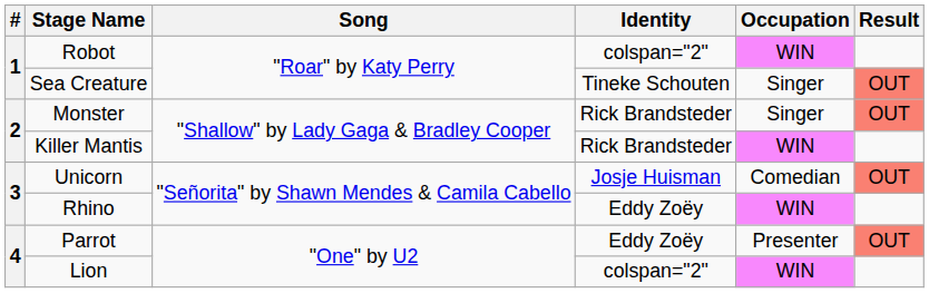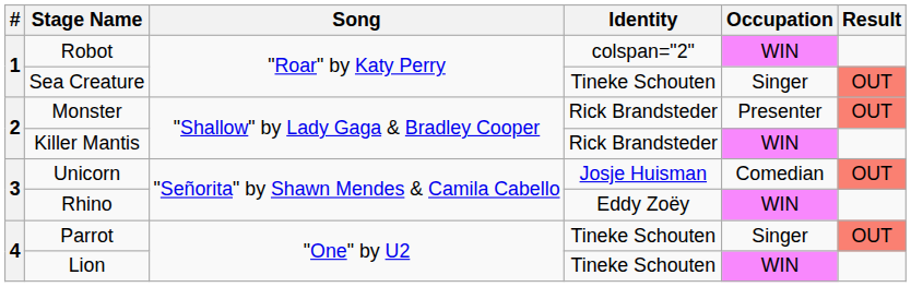 <table class="wikitable plainrowheaders" style="text-align: center;">
 <tr>
 <th>#</th>
 <th>Stage Name</th>
 <th>Song</th>
 <th>Identity</th>
 <th>Occupation</th>
 <th>Result</th>
 </tr>
 <tr>
 <th rowspan="2">1</th>
 <td>Robot</td>
 <td rowspan="2">"<a href='#'>Roar</a>" by <a href='#'>Katy Perry</a></td>
 <td>colspan="2" </td>
 <td bgcolor="F888FD">WIN</td>
 </tr>
 <tr>
 <td>Sea Creature</td>
 <td>Tineke Schouten</td>
 <td>Singer</td>
 <td bgcolor="salmon">OUT</td>
 </tr>
 <tr>
 <th rowspan="2">2</th>
 <td>Monster</td>
 <td rowspan="2">"<a href='#'>Shallow</a>" by <a href='#'>Lady Gaga</a> & <a href='#'>Bradley Cooper</a></td>
 <td>Rick Brandsteder</td>
-<td>Singer</td>
+<td>Presenter</td>
 <td bgcolor="salmon">OUT</td>
 </tr>
 <tr>
 <td>Killer Mantis</td>
 <td>Rick Brandsteder</td>
 <td bgcolor="F888FD">WIN</td>
 </tr>
 <tr>
 <th rowspan="2">3</th>
 <td>Unicorn</td>
 <td rowspan="2">"<a href='#'>Señorita</a>" by <a href='#'>Shawn Mendes</a> & <a href='#'>Camila Cabello</a></td>
 <td><a href='#'>Josje Huisman</a></td>
 <td>Comedian</td>
 <td bgcolor="salmon">OUT</td>
 </tr>
 <tr>
 <td>Rhino</td>
 <td>Eddy Zoëy</td>
 <td bgcolor="F888FD">WIN</td>
 </tr>
 <tr>
 <th rowspan="2">4</th>
 <td>Parrot</td>
 <td rowspan="2">"<a href='#'>One</a>" by <a href='#'>U2</a></td>
-<td>Eddy Zoëy</td>
-<td>Presenter</td>
+<td>Tineke Schouten</td>
+<td>Singer</td>
 <td bgcolor="salmon">OUT</td>
 </tr>
 <tr>
 <td>Lion</td>
-<td>colspan="2" </td>
+<td>Tineke Schouten</td>
 <td bgcolor="F888FD">WIN</td>
 </tr>
 </table>
